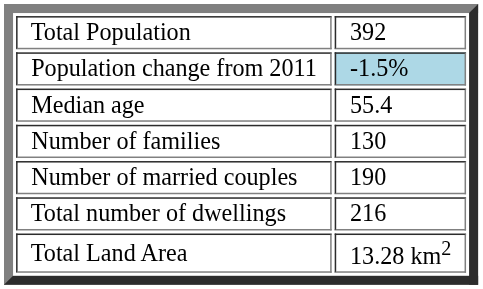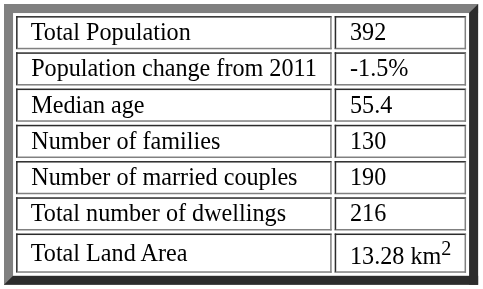 <table border="6">
 <tr>
 <td>  Total Population  </td>
 <td>  392  </td>
 </tr>
 <tr>
 <td>  Population change from 2011  </td>
-<td style="background: lightblue;">  -1.5%  </td>
+<td>  -1.5%  </td>
 </tr>
 <tr>
 <td>  Median age  </td>
 <td>  55.4  </td>
 </tr>
 <tr>
 <td>  Number of families  </td>
 <td>  130  </td>
 </tr>
 <tr>
 <td>  Number of married couples  </td>
 <td>  190  </td>
 </tr>
 <tr>
 <td>  Total number of dwellings  </td>
 <td>  216  </td>
 </tr>
 <tr>
 <td>  Total Land Area  </td>
 <td>  13.28 km<sup>2</sup>  </td>
 </tr>
 </table>
